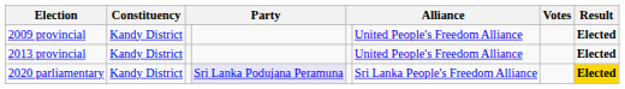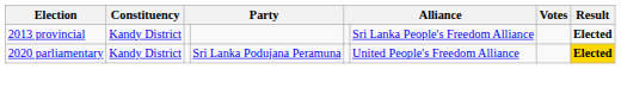 <table class="wikitable" style="text-align:left;">
 <tr>
 <th scope=col>Election</th>
 <th scope=col>Constituency</th>
 <th scope=col colspan="2">Party</th>
 <th scope=col colspan="2">Alliance</th>
 <th scope=col>Votes</th>
 <th scope=col>Result</th>
 </tr>
 <tr>
-<td><a href='#'>2009 provincial</a></td>
-<td><a href='#'>Kandy District</a></td>
-<td></td>
-<td></td>
-<td style="background:"></td>
-<td><a href='#'>United People's Freedom Alliance</a></td>
-<td align=right></td>
-<td><strong>Elected</strong></td>
-</tr>
-<tr>
 <td><a href='#'>2013 provincial</a></td>
 <td><a href='#'>Kandy District</a></td>
 <td></td>
 <td></td>
 <td style="background:"></td>
-<td><a href='#'>United People's Freedom Alliance</a></td>
+<td><a href='#'>Sri Lanka People's Freedom Alliance</a></td>
 <td align=right></td>
 <td><strong>Elected</strong></td>
 </tr>
 <tr>
 <td><a href='#'>2020 parliamentary</a></td>
 <td><a href='#'>Kandy District</a></td>
 <td style="background:"></td>
-<td style="background: lavender;"><a href='#'>Sri Lanka Podujana Peramuna</a></td>
+<td><a href='#'>Sri Lanka Podujana Peramuna</a></td>
 <td style="background:"></td>
-<td><a href='#'>Sri Lanka People's Freedom Alliance</a></td>
+<td><a href='#'>United People's Freedom Alliance</a></td>
 <td align=right></td>
 <td style="background: gold;"><strong>Elected</strong></td>
 </tr>
 </table>
